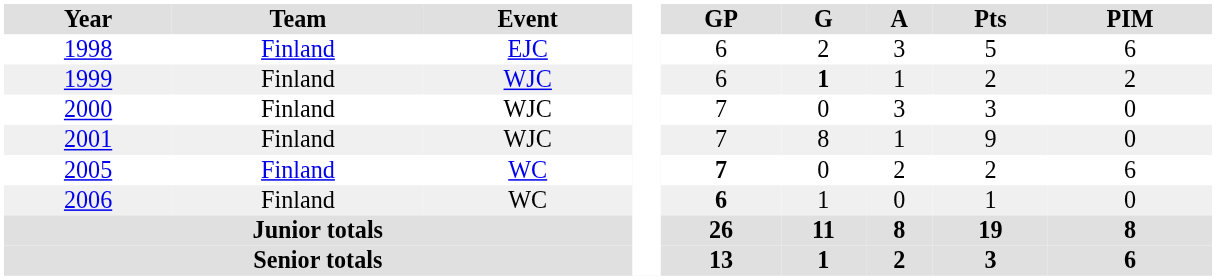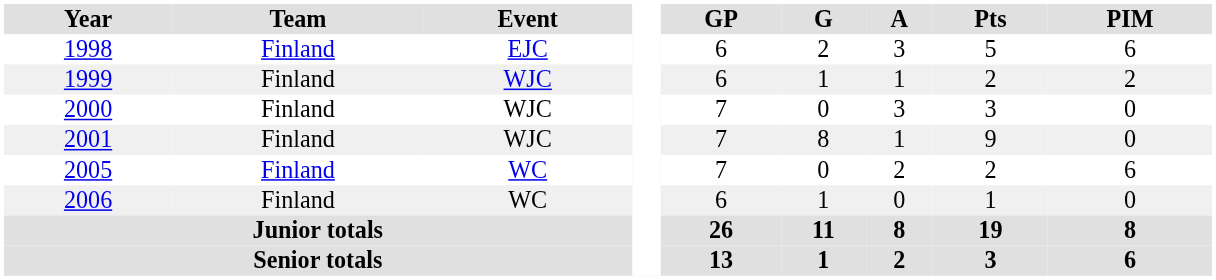 <table border="0" cellpadding="1" cellspacing="0" style="text-align:center; width:50em">
 <tr ALIGN="center" bgcolor="#e0e0e0">
 <th>Year</th>
 <th>Team</th>
 <th>Event</th>
 <th rowspan="99" bgcolor="#ffffff"> </th>
 <th>GP</th>
 <th>G</th>
 <th>A</th>
 <th>Pts</th>
 <th>PIM</th>
 </tr>
 <tr>
 <td><a href='#'>1998</a></td>
 <td><a href='#'>Finland</a></td>
 <td><a href='#'>EJC</a></td>
 <td>6</td>
 <td>2</td>
 <td>3</td>
 <td>5</td>
 <td>6</td>
 </tr>
 <tr bgcolor="#f0f0f0">
 <td><a href='#'>1999</a></td>
 <td>Finland</td>
 <td><a href='#'>WJC</a></td>
 <td>6</td>
-<td><strong>1</strong></td>
+<td>1</td>
 <td>1</td>
 <td>2</td>
 <td>2</td>
 </tr>
 <tr>
 <td><a href='#'>2000</a></td>
 <td>Finland</td>
 <td>WJC</td>
 <td>7</td>
 <td>0</td>
 <td>3</td>
 <td>3</td>
 <td>0</td>
 </tr>
 <tr bgcolor="#f0f0f0">
 <td><a href='#'>2001</a></td>
 <td>Finland</td>
 <td>WJC</td>
 <td>7</td>
 <td>8</td>
 <td>1</td>
 <td>9</td>
 <td>0</td>
 </tr>
 <tr>
 <td><a href='#'>2005</a></td>
 <td><a href='#'>Finland</a></td>
 <td><a href='#'>WC</a></td>
-<td><strong>7</strong></td>
+<td>7</td>
 <td>0</td>
 <td>2</td>
 <td>2</td>
 <td>6</td>
 </tr>
 <tr bgcolor="#f0f0f0">
 <td><a href='#'>2006</a></td>
 <td>Finland</td>
 <td>WC</td>
-<td><strong>6</strong></td>
+<td>6</td>
 <td>1</td>
 <td>0</td>
 <td>1</td>
 <td>0</td>
 </tr>
 <tr bgcolor="#e0e0e0">
 <th colspan=3>Junior totals</th>
 <th>26</th>
 <th>11</th>
 <th>8</th>
 <th>19</th>
 <th>8</th>
 </tr>
 <tr bgcolor="#e0e0e0">
 <th colspan=3>Senior totals</th>
 <th>13</th>
 <th>1</th>
 <th>2</th>
 <th>3</th>
 <th>6</th>
 </tr>
 </table>
